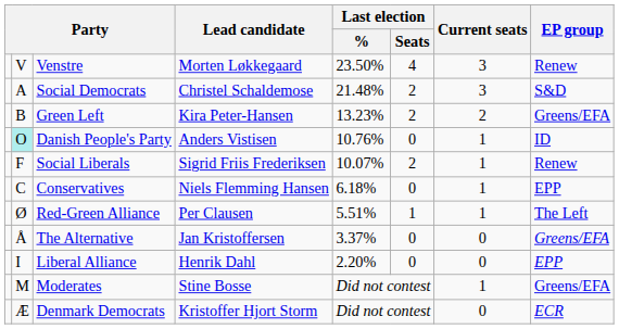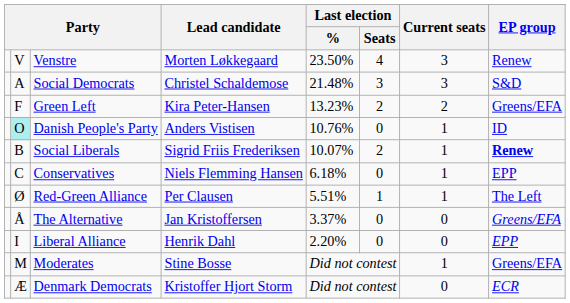 <table class="wikitable">
 <tr>
 <th colspan="3" rowspan="2">Party</th>
 <th rowspan="2">Lead candidate</th>
 <th colspan="2">Last election</th>
 <th rowspan="2">Current seats</th>
 <th rowspan="2"><a href='#'>EP group</a></th>
 </tr>
 <tr>
 <th>%</th>
 <th>Seats</th>
 </tr>
 <tr>
 <td></td>
 <td>V</td>
 <td><a href='#'>Venstre</a></td>
 <td><a href='#'>Morten Løkkegaard</a></td>
 <td>23.50%</td>
 <td align="center">4</td>
 <td align="center">3</td>
 <td><a href='#'>Renew</a></td>
 </tr>
 <tr>
 <td></td>
 <td>A</td>
 <td><a href='#'>Social Democrats</a></td>
 <td><a href='#'>Christel Schaldemose</a></td>
 <td>21.48%</td>
-<td align="center">2</td>
+<td align="center">3</td>
 <td align="center">3</td>
 <td><a href='#'>S&D</a></td>
 </tr>
 <tr>
 <td></td>
-<td>B</td>
+<td>F</td>
 <td><a href='#'>Green Left</a></td>
 <td><a href='#'>Kira Peter-Hansen</a></td>
 <td>13.23%</td>
 <td align="center">2</td>
 <td align="center">2</td>
 <td><a href='#'>Greens/EFA</a></td>
 </tr>
 <tr>
 <td></td>
 <td style="background: paleturquoise;">O</td>
 <td><a href='#'>Danish People's Party</a></td>
 <td><a href='#'>Anders Vistisen</a></td>
 <td>10.76%</td>
 <td align="center">0</td>
 <td align="center">1</td>
 <td><a href='#'>ID</a></td>
 </tr>
 <tr>
 <td></td>
-<td>F</td>
+<td>B</td>
 <td><a href='#'>Social Liberals</a></td>
 <td><a href='#'>Sigrid Friis Frederiksen</a></td>
 <td>10.07%</td>
 <td align="center">2</td>
 <td align="center">1</td>
-<td><a href='#'>Renew</a></td>
+<td><strong><a href='#'>Renew</a></strong></td>
 </tr>
 <tr>
 <td></td>
 <td>C</td>
 <td><a href='#'>Conservatives</a></td>
 <td><a href='#'>Niels Flemming Hansen</a></td>
 <td>6.18%</td>
 <td align="center">0</td>
 <td align="center">1</td>
 <td><a href='#'>EPP</a></td>
 </tr>
 <tr>
 <td></td>
 <td>Ø</td>
 <td><a href='#'>Red-Green Alliance</a></td>
 <td><a href='#'>Per Clausen</a></td>
 <td>5.51%</td>
 <td align="center">1</td>
 <td align="center">1</td>
 <td><a href='#'>The Left</a></td>
 </tr>
 <tr>
 <td></td>
 <td>Å</td>
 <td><a href='#'>The Alternative</a></td>
 <td><a href='#'>Jan Kristoffersen</a></td>
 <td>3.37%</td>
 <td align="center">0</td>
 <td align="center">0</td>
 <td><a href='#'><em>Greens/EFA</em></a></td>
 </tr>
 <tr>
 <td></td>
 <td>I</td>
 <td><a href='#'>Liberal Alliance</a></td>
 <td><a href='#'>Henrik Dahl</a></td>
 <td>2.20%</td>
 <td align="center">0</td>
 <td align="center">0</td>
 <td><a href='#'><em>EPP</em></a></td>
 </tr>
 <tr>
 <td></td>
 <td>M</td>
 <td><a href='#'>Moderates</a></td>
 <td><a href='#'>Stine Bosse</a></td>
 <td colspan="2"><em>Did not contest</em></td>
 <td align="center">1</td>
 <td><a href='#'>Greens/EFA</a></td>
 </tr>
 <tr>
 <td></td>
 <td>Æ</td>
 <td><a href='#'>Denmark Democrats</a></td>
 <td><a href='#'>Kristoffer Hjort Storm</a></td>
 <td colspan="2"><em>Did not contest</em></td>
 <td align="center">0</td>
 <td><a href='#'><em>ECR</em></a></td>
 </tr>
 </table>
